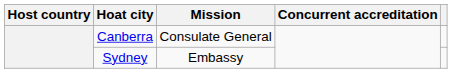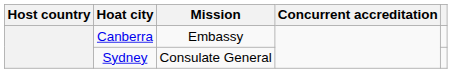 <table class="wikitable plainrowheaders" style="text-align:center;">
 <tr>
 <th scope="col">Host country</th>
 <th scope="col">Hoat city</th>
 <th scope="col">Mission</th>
 <th scope="col">Concurrent accreditation</th>
 <th scope="col"></th>
 </tr>
 <tr>
 <th scope="row" rowspan="2"></th>
 <td><a href='#'>Canberra</a></td>
-<td>Consulate General</td>
+<td>Embassy</td>
 <td rowspan="2"></td>
 <td></td>
 </tr>
 <tr>
 <td><a href='#'>Sydney</a></td>
-<td>Embassy</td>
+<td>Consulate General</td>
 <td></td>
 </tr>
 </table>
